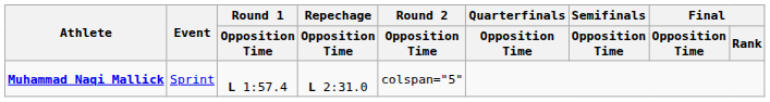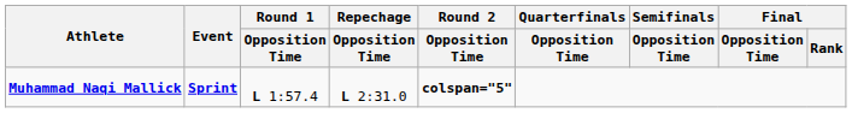 <table class=wikitable style=font-size:90%;text-align:center>
 <tr>
 <th rowspan=2>Athlete</th>
 <th rowspan=2>Event</th>
 <th>Round 1</th>
 <th>Repechage</th>
 <th>Round 2</th>
 <th>Quarterfinals</th>
 <th>Semifinals</th>
 <th colspan=2>Final</th>
 </tr>
 <tr>
 <th>Opposition<br>Time</th>
 <th>Opposition<br>Time</th>
 <th>Opposition<br>Time</th>
 <th>Opposition<br>Time</th>
 <th>Opposition<br>Time</th>
 <th>Opposition<br>Time</th>
 <th>Rank</th>
 </tr>
 <tr>
 <td align=left><strong><a href='#'>Muhammad Naqi Mallick</a></strong></td>
-<td align=left><a href='#'>Sprint</a></td>
+<td align=left><strong><a href='#'>Sprint</a></strong></td>
 <td><br><strong>L</strong> 1:57.4</td>
 <td><br><strong>L</strong> 2:31.0</td>
-<td>colspan="5" </td>
+<td><strong>colspan="5" </strong></td>
 </tr>
 </table>
